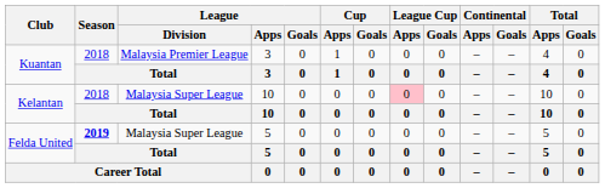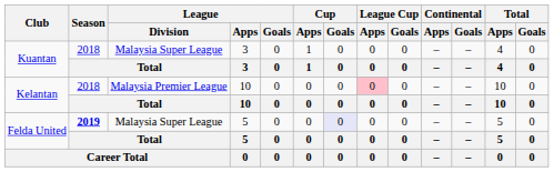 <table class=wikitable style="text-align:center">
 <tr>
 <th rowspan=2>Club</th>
 <th rowspan=2>Season</th>
 <th colspan=3>League</th>
 <th colspan=2>Cup</th>
 <th colspan=2>League Cup</th>
 <th colspan=2>Continental</th>
 <th colspan=2>Total</th>
 </tr>
 <tr>
 <th>Division</th>
 <th>Apps</th>
 <th>Goals</th>
 <th>Apps</th>
 <th>Goals</th>
 <th>Apps</th>
 <th>Goals</th>
 <th>Apps</th>
 <th>Goals</th>
 <th>Apps</th>
 <th>Goals</th>
 </tr>
 <tr>
 <td rowspan=2><a href='#'>Kuantan</a></td>
 <td><a href='#'>2018</a></td>
-<td><a href='#'>Malaysia Premier League</a></td>
+<td><a href='#'>Malaysia Super League</a></td>
 <td>3</td>
 <td>0</td>
 <td>1</td>
 <td>0</td>
 <td>0</td>
 <td>0</td>
 <td>–</td>
 <td>–</td>
 <td>4</td>
 <td>0</td>
 </tr>
 <tr>
 <th colspan="2">Total</th>
 <th>3</th>
 <th>0</th>
 <th>1</th>
 <th>0</th>
 <th>0</th>
 <th>0</th>
 <th>–</th>
 <th>–</th>
 <th>4</th>
 <th>0</th>
 </tr>
 <tr>
 <td rowspan=2><a href='#'>Kelantan</a></td>
 <td><a href='#'>2018</a></td>
-<td><a href='#'>Malaysia Super League</a></td>
+<td><a href='#'>Malaysia Premier League</a></td>
 <td>10</td>
 <td>0</td>
 <td>0</td>
 <td>0</td>
 <td style="background: pink;">0</td>
 <td>0</td>
 <td>–</td>
 <td>–</td>
 <td>10</td>
 <td>0</td>
 </tr>
 <tr>
 <th colspan="2">Total</th>
 <th>10</th>
 <th>0</th>
 <th>0</th>
 <th>0</th>
 <th>0</th>
 <th>0</th>
 <th>–</th>
 <th>–</th>
 <th>10</th>
 <th>0</th>
 </tr>
 <tr>
 <td rowspan=2><a href='#'>Felda United</a></td>
 <td><strong><a href='#'>2019</a></strong></td>
 <td>Malaysia Super League</td>
 <td>5</td>
 <td>0</td>
 <td>0</td>
-<td>0</td>
+<td style="background: lavender;">0</td>
 <td>0</td>
 <td>0</td>
 <td>–</td>
 <td>–</td>
 <td>5</td>
 <td>0</td>
 </tr>
 <tr>
 <th colspan="2">Total</th>
 <th>5</th>
 <th>0</th>
 <th>0</th>
 <th>0</th>
 <th>0</th>
 <th>0</th>
 <th>–</th>
 <th>–</th>
 <th>5</th>
 <th>0</th>
 </tr>
 <tr>
 <th colspan="3">Career Total</th>
 <th>0</th>
 <th>0</th>
 <th>0</th>
 <th>0</th>
 <th>0</th>
 <th>0</th>
 <th>–</th>
 <th>–</th>
 <th>0</th>
 <th>0</th>
 </tr>
 </table>
